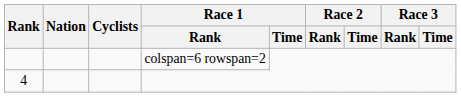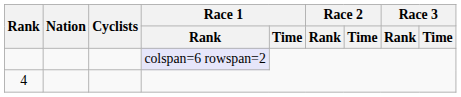 <table class="wikitable sortable" style="text-align:center">
 <tr>
 <th rowspan=2>Rank</th>
 <th rowspan=2>Nation</th>
 <th rowspan=2>Cyclists</th>
 <th colspan=2>Race 1</th>
 <th colspan=2>Race 2</th>
 <th colspan=2>Race 3</th>
 </tr>
 <tr>
 <th>Rank</th>
 <th>Time</th>
 <th>Rank</th>
 <th>Time</th>
 <th>Rank</th>
 <th>Time</th>
 </tr>
 <tr>
 <td></td>
 <td align=left></td>
 <td align=left></td>
-<td>colspan=6 rowspan=2 </td>
+<td style="background: lavender;">colspan=6 rowspan=2 </td>
 </tr>
 <tr>
 <td>4</td>
 <td align=left></td>
 <td align=left></td>
 </tr>
 </table>
